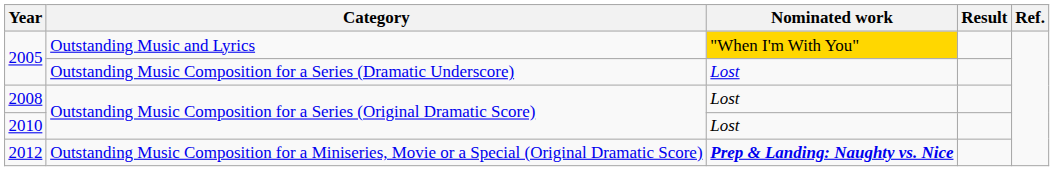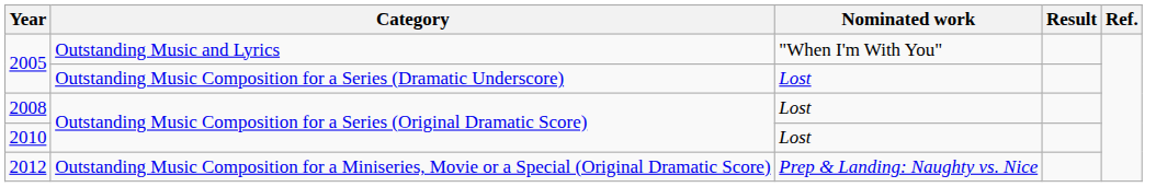 <table class="wikitable">
 <tr>
 <th>Year</th>
 <th>Category</th>
 <th>Nominated work</th>
 <th>Result</th>
 <th>Ref.</th>
 </tr>
 <tr>
 <td rowspan="2"><a href='#'>2005</a></td>
 <td><a href='#'>Outstanding Music and Lyrics</a></td>
-<td style="background: gold;">"When I'm With You" </td>
+<td>"When I'm With You" </td>
 <td></td>
 <td align="center" rowspan="5"></td>
 </tr>
 <tr>
 <td><a href='#'>Outstanding Music Composition for a Series (Dramatic Underscore)</a></td>
 <td><em><a href='#'>Lost</a></em> </td>
 <td></td>
 </tr>
 <tr>
 <td><a href='#'>2008</a></td>
 <td rowspan="2"><a href='#'>Outstanding Music Composition for a Series (Original Dramatic Score)</a></td>
 <td><em>Lost</em> </td>
 <td></td>
 </tr>
 <tr>
 <td><a href='#'>2010</a></td>
 <td><em>Lost</em> </td>
 <td></td>
 </tr>
 <tr>
 <td><a href='#'>2012</a></td>
 <td><a href='#'>Outstanding Music Composition for a Miniseries, Movie or a Special (Original Dramatic Score)</a></td>
-<td><strong><em><a href='#'>Prep & Landing: Naughty vs. Nice</a></em></strong></td>
+<td><em><a href='#'>Prep & Landing: Naughty vs. Nice</a></em></td>
 <td></td>
 </tr>
 </table>
